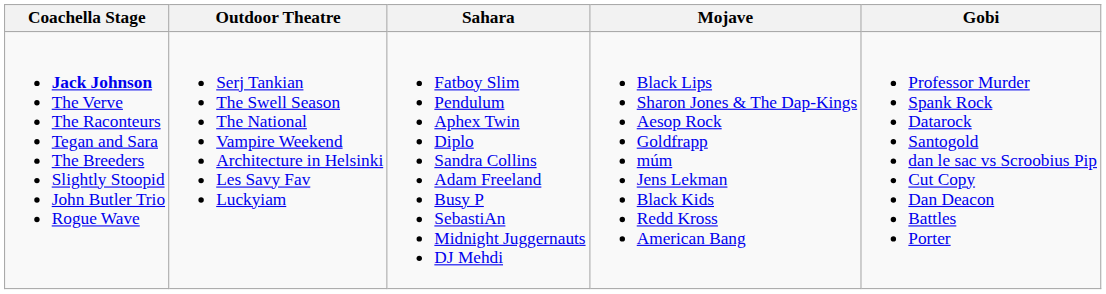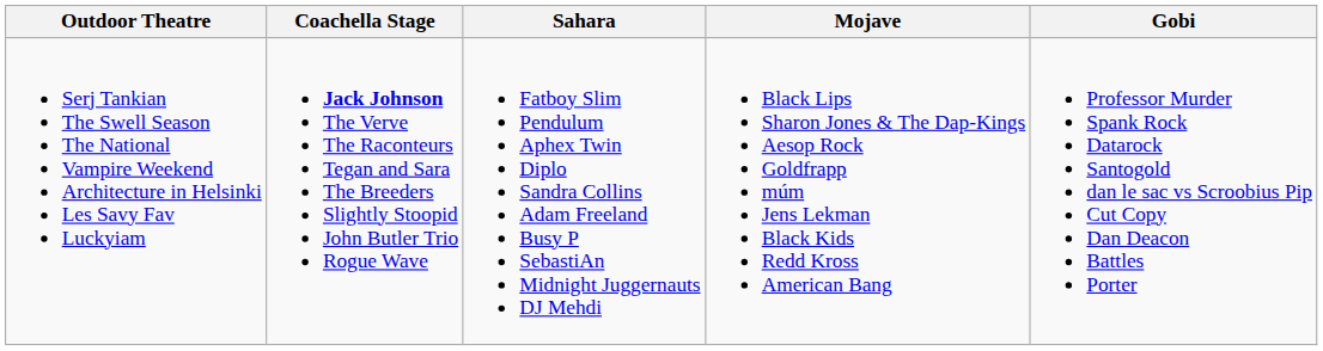 <table class="wikitable">
 <tr>
+<th>Outdoor Theatre</th>
 <th>Coachella Stage</th>
-<th>Outdoor Theatre</th>
 <th>Sahara</th>
 <th>Mojave</th>
 <th>Gobi</th>
 </tr>
 <tr valign="top">
+<td><br><ul><li><a href='#'>Serj Tankian</a></li><li><a href='#'>The Swell Season</a></li><li><a href='#'>The National</a></li><li><a href='#'>Vampire Weekend</a></li><li><a href='#'>Architecture in Helsinki</a></li><li><a href='#'>Les Savy Fav</a></li><li><a href='#'>Luckyiam</a></li></ul></td>
 <td><br><ul><li><strong><a href='#'>Jack Johnson</a></strong></li><li><a href='#'>The Verve</a></li><li><a href='#'>The Raconteurs</a></li><li><a href='#'>Tegan and Sara</a></li><li><a href='#'>The Breeders</a></li><li><a href='#'>Slightly Stoopid</a></li><li><a href='#'>John Butler Trio</a></li><li><a href='#'>Rogue Wave</a></li></ul></td>
-<td><br><ul><li><a href='#'>Serj Tankian</a></li><li><a href='#'>The Swell Season</a></li><li><a href='#'>The National</a></li><li><a href='#'>Vampire Weekend</a></li><li><a href='#'>Architecture in Helsinki</a></li><li><a href='#'>Les Savy Fav</a></li><li><a href='#'>Luckyiam</a></li></ul></td>
 <td><br><ul><li><a href='#'>Fatboy Slim</a></li><li><a href='#'>Pendulum</a></li><li><a href='#'>Aphex Twin</a></li><li><a href='#'>Diplo</a></li><li><a href='#'>Sandra Collins</a></li><li><a href='#'>Adam Freeland</a></li><li><a href='#'>Busy P</a></li><li><a href='#'>SebastiAn</a></li><li><a href='#'>Midnight Juggernauts</a></li><li><a href='#'>DJ Mehdi</a></li></ul></td>
 <td><br><ul><li><a href='#'>Black Lips</a></li><li><a href='#'>Sharon Jones & The Dap-Kings</a></li><li><a href='#'>Aesop Rock</a></li><li><a href='#'>Goldfrapp</a></li><li><a href='#'>múm</a></li><li><a href='#'>Jens Lekman</a></li><li><a href='#'>Black Kids</a></li><li><a href='#'>Redd Kross</a></li><li><a href='#'>American Bang</a></li></ul></td>
 <td><br><ul><li><a href='#'>Professor Murder</a></li><li><a href='#'>Spank Rock</a></li><li><a href='#'>Datarock</a></li><li><a href='#'>Santogold</a></li><li><a href='#'>dan le sac vs Scroobius Pip</a></li><li><a href='#'>Cut Copy</a></li><li><a href='#'>Dan Deacon</a></li><li><a href='#'>Battles</a></li><li><a href='#'>Porter</a></li></ul></td>
 </tr>
 </table>
